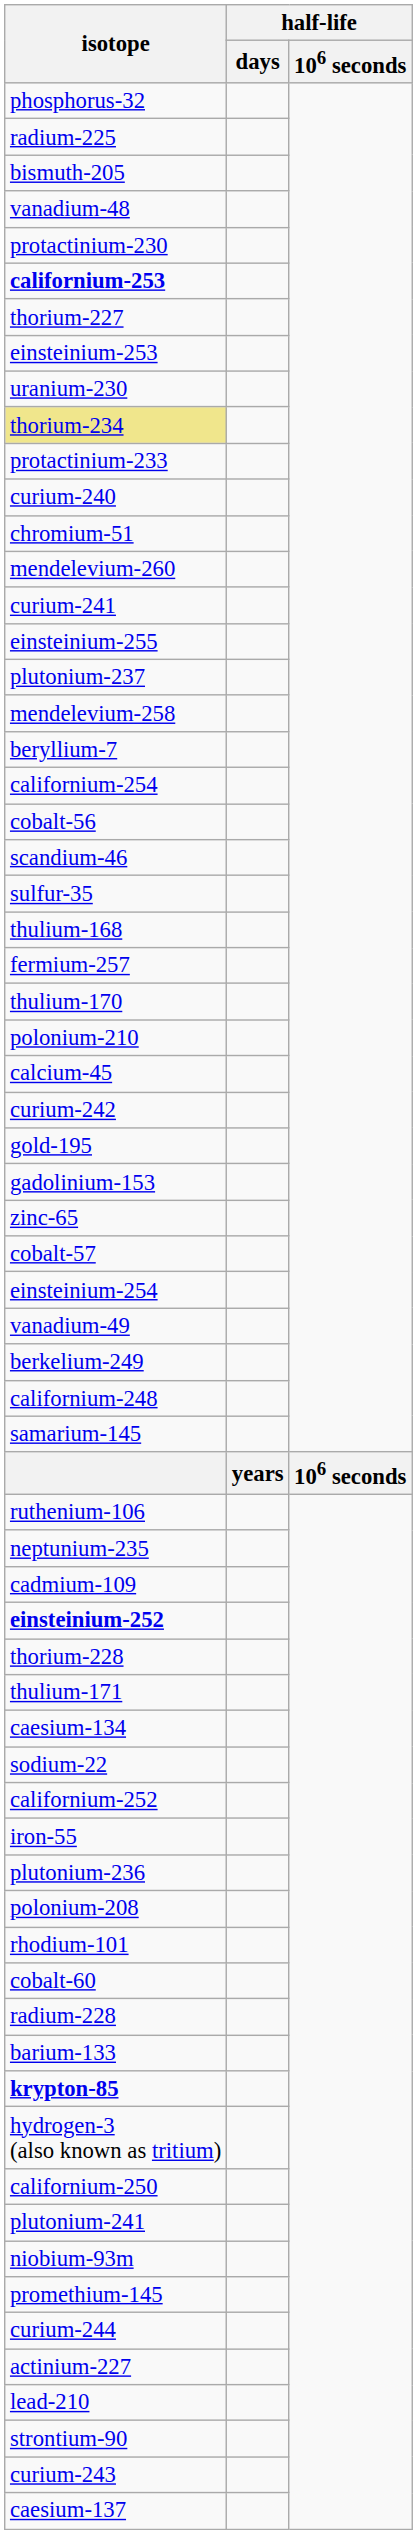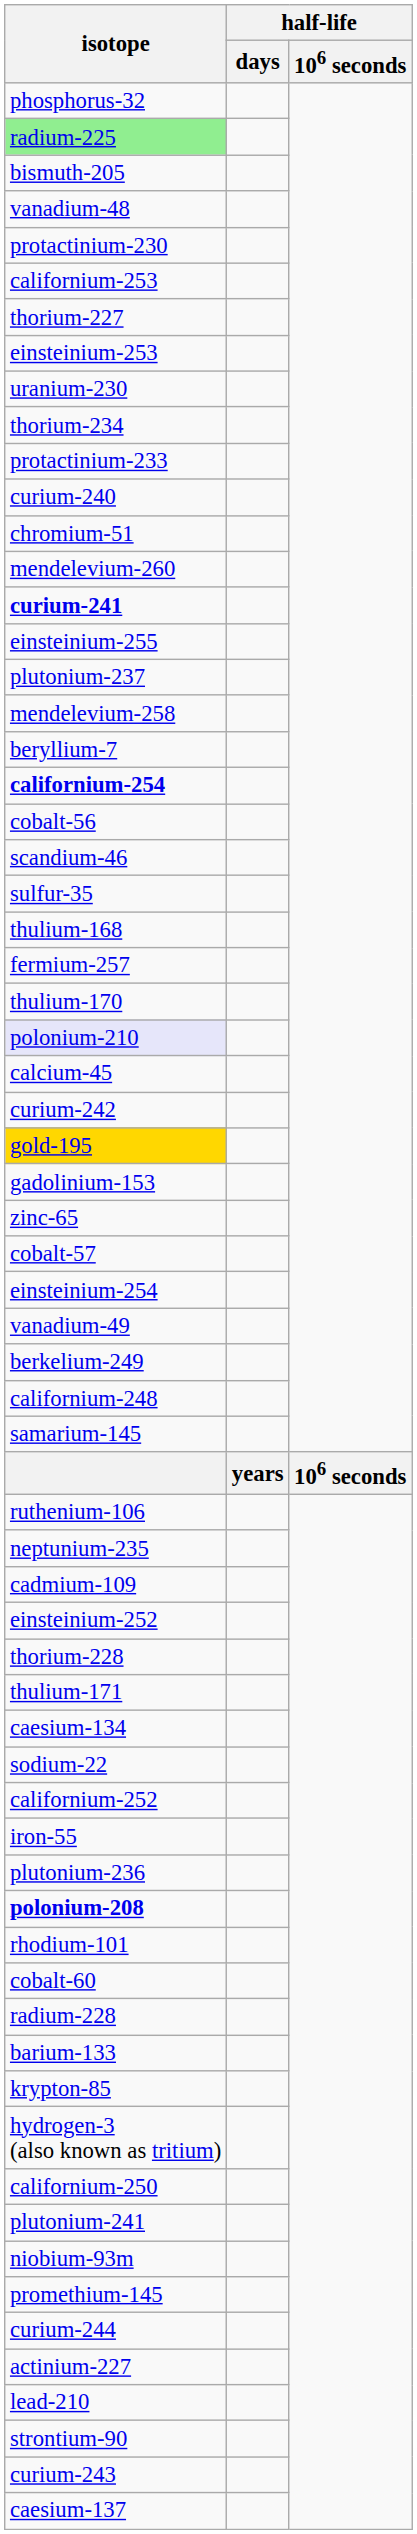 <table class="wikitable sortable">
 <tr>
 <th rowspan=2>isotope</th>
 <th colspan=2>half-life</th>
 </tr>
 <tr>
 <th class=unsortable>days</th>
 <th class=unsortable>10<sup>6</sup> seconds</th>
 </tr>
 <tr>
 <td><a href='#'>phosphorus-32</a></td>
 <td></td>
 </tr>
 <tr>
-<td><a href='#'>radium-225</a></td>
+<td style="background: lightgreen;"><a href='#'>radium-225</a></td>
 <td></td>
 </tr>
 <tr>
 <td><a href='#'>bismuth-205</a></td>
 <td></td>
 </tr>
 <tr>
 <td><a href='#'>vanadium-48</a></td>
 <td></td>
 </tr>
 <tr>
 <td><a href='#'>protactinium-230</a></td>
 <td></td>
 </tr>
 <tr>
-<td><strong><a href='#'>californium-253</a></strong></td>
+<td><a href='#'>californium-253</a></td>
 <td></td>
 </tr>
 <tr>
 <td><a href='#'>thorium-227</a></td>
 <td></td>
 </tr>
 <tr>
 <td><a href='#'>einsteinium-253</a></td>
 <td></td>
 </tr>
 <tr>
 <td><a href='#'>uranium-230</a></td>
 <td></td>
 </tr>
 <tr>
-<td style="background: khaki;"><a href='#'>thorium-234</a></td>
+<td><a href='#'>thorium-234</a></td>
 <td></td>
 </tr>
 <tr>
 <td><a href='#'>protactinium-233</a></td>
 <td></td>
 </tr>
 <tr>
 <td><a href='#'>curium-240</a></td>
 <td></td>
 </tr>
 <tr>
 <td><a href='#'>chromium-51</a></td>
 <td></td>
 </tr>
 <tr>
 <td><a href='#'>mendelevium-260</a></td>
 <td></td>
 </tr>
 <tr>
-<td><a href='#'>curium-241</a></td>
+<td><strong><a href='#'>curium-241</a></strong></td>
 <td></td>
 </tr>
 <tr>
 <td><a href='#'>einsteinium-255</a></td>
 <td></td>
 </tr>
 <tr>
 <td><a href='#'>plutonium-237</a></td>
 <td></td>
 </tr>
 <tr>
 <td><a href='#'>mendelevium-258</a></td>
 <td></td>
 </tr>
 <tr>
 <td><a href='#'>beryllium-7</a></td>
 <td></td>
 </tr>
 <tr>
-<td><a href='#'>californium-254</a></td>
+<td><strong><a href='#'>californium-254</a></strong></td>
 <td></td>
 </tr>
 <tr>
 <td><a href='#'>cobalt-56</a></td>
 <td></td>
 </tr>
 <tr>
 <td><a href='#'>scandium-46</a></td>
 <td></td>
 </tr>
 <tr>
 <td><a href='#'>sulfur-35</a></td>
 <td></td>
 </tr>
 <tr>
 <td><a href='#'>thulium-168</a></td>
 <td></td>
 </tr>
 <tr>
 <td><a href='#'>fermium-257</a></td>
 <td></td>
 </tr>
 <tr>
 <td><a href='#'>thulium-170</a></td>
 <td></td>
 </tr>
 <tr>
-<td><a href='#'>polonium-210</a></td>
+<td style="background: lavender;"><a href='#'>polonium-210</a></td>
 <td></td>
 </tr>
 <tr>
 <td><a href='#'>calcium-45</a></td>
 <td></td>
 </tr>
 <tr>
 <td><a href='#'>curium-242</a></td>
 <td></td>
 </tr>
 <tr>
-<td><a href='#'>gold-195</a></td>
+<td style="background: gold;"><a href='#'>gold-195</a></td>
 <td></td>
 </tr>
 <tr>
 <td><a href='#'>gadolinium-153</a></td>
 <td></td>
 </tr>
 <tr>
 <td><a href='#'>zinc-65</a></td>
 <td></td>
 </tr>
 <tr>
 <td><a href='#'>cobalt-57</a></td>
 <td></td>
 </tr>
 <tr>
 <td><a href='#'>einsteinium-254</a></td>
 <td></td>
 </tr>
 <tr>
 <td><a href='#'>vanadium-49</a></td>
 <td></td>
 </tr>
 <tr>
 <td><a href='#'>berkelium-249</a></td>
 <td></td>
 </tr>
 <tr>
 <td><a href='#'>californium-248</a></td>
 <td></td>
 </tr>
 <tr>
 <td><a href='#'>samarium-145</a></td>
 <td></td>
 </tr>
 <tr>
 <th></th>
 <th class=unsortable>years</th>
 <th class=unsortable>10<sup>6</sup> seconds</th>
 </tr>
 <tr>
 <td><a href='#'>ruthenium-106</a></td>
 <td></td>
 </tr>
 <tr>
 <td><a href='#'>neptunium-235</a></td>
 <td></td>
 </tr>
 <tr>
 <td><a href='#'>cadmium-109</a></td>
 <td></td>
 </tr>
 <tr>
-<td><strong><a href='#'>einsteinium-252</a></strong></td>
+<td><a href='#'>einsteinium-252</a></td>
 <td></td>
 </tr>
 <tr>
 <td><a href='#'>thorium-228</a></td>
 <td></td>
 </tr>
 <tr>
 <td><a href='#'>thulium-171</a></td>
 <td></td>
 </tr>
 <tr>
 <td><a href='#'>caesium-134</a></td>
 <td></td>
 </tr>
 <tr>
 <td><a href='#'>sodium-22</a></td>
 <td></td>
 </tr>
 <tr>
 <td><a href='#'>californium-252</a></td>
 <td></td>
 </tr>
 <tr>
 <td><a href='#'>iron-55</a></td>
 <td></td>
 </tr>
 <tr>
 <td><a href='#'>plutonium-236</a></td>
 <td></td>
 </tr>
 <tr>
-<td><a href='#'>polonium-208</a></td>
+<td><strong><a href='#'>polonium-208</a></strong></td>
 <td></td>
 </tr>
 <tr>
 <td><a href='#'>rhodium-101</a></td>
 <td></td>
 </tr>
 <tr>
 <td><a href='#'>cobalt-60</a></td>
 <td></td>
 </tr>
 <tr>
 <td><a href='#'>radium-228</a></td>
 <td></td>
 </tr>
 <tr>
 <td><a href='#'>barium-133</a></td>
 <td></td>
 </tr>
 <tr>
-<td><strong><a href='#'>krypton-85</a></strong></td>
+<td><a href='#'>krypton-85</a></td>
 <td></td>
 </tr>
 <tr>
 <td><a href='#'>hydrogen-3</a><br>(also known as <a href='#'>tritium</a>)</td>
 <td></td>
 </tr>
 <tr>
 <td><a href='#'>californium-250</a></td>
 <td></td>
 </tr>
 <tr>
 <td><a href='#'>plutonium-241</a></td>
 <td></td>
 </tr>
 <tr>
 <td><a href='#'>niobium-93m</a></td>
 <td></td>
 </tr>
 <tr>
 <td><a href='#'>promethium-145</a></td>
 <td></td>
 </tr>
 <tr>
 <td><a href='#'>curium-244</a></td>
 <td></td>
 </tr>
 <tr>
 <td><a href='#'>actinium-227</a></td>
 <td></td>
 </tr>
 <tr>
 <td><a href='#'>lead-210</a></td>
 <td></td>
 </tr>
 <tr>
 <td><a href='#'>strontium-90</a></td>
 <td></td>
 </tr>
 <tr>
 <td><a href='#'>curium-243</a></td>
 <td></td>
 </tr>
 <tr>
 <td><a href='#'>caesium-137</a></td>
 <td></td>
 </tr>
 </table>
